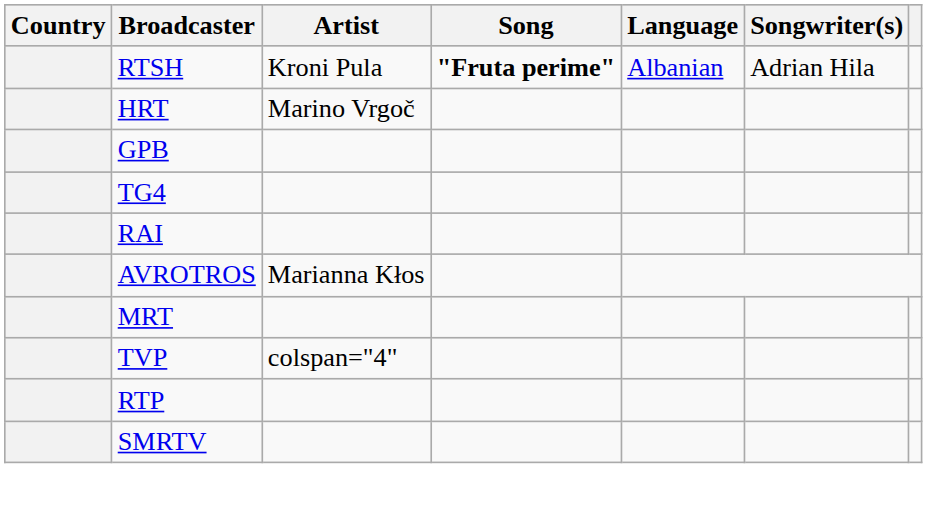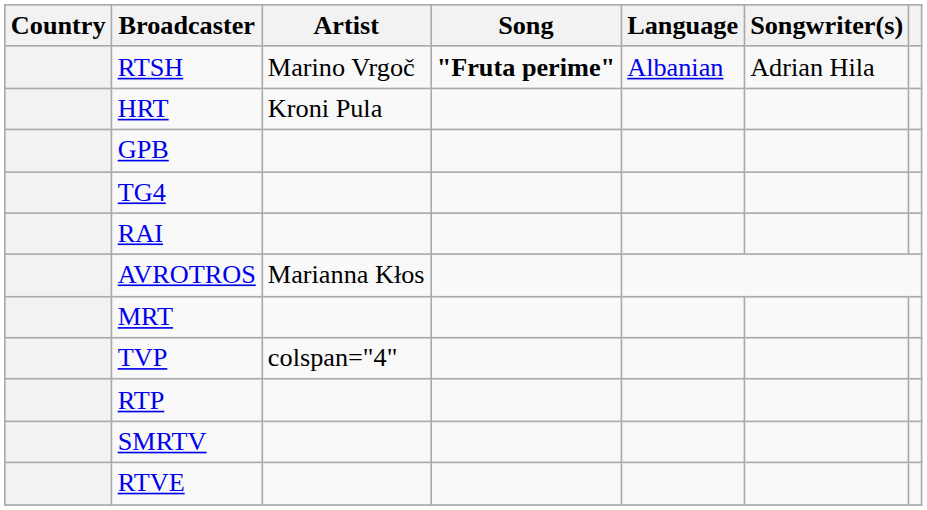 <table class="wikitable plainrowheaders">
 <tr>
 <th scope="col">Country</th>
 <th scope="col">Broadcaster</th>
 <th scope="col">Artist</th>
 <th scope="col">Song</th>
 <th scope="col">Language</th>
 <th scope="col">Songwriter(s)</th>
 <th></th>
 </tr>
 <tr>
 <th scope="row"></th>
 <td><a href='#'>RTSH</a></td>
-<td>Kroni Pula</td>
+<td>Marino Vrgoč</td>
 <td><strong>"Fruta perime"</strong></td>
 <td><a href='#'>Albanian</a></td>
 <td>Adrian Hila</td>
 <td align="center"></td>
 </tr>
 <tr>
 <th scope="row"></th>
 <td><a href='#'>HRT</a></td>
-<td>Marino Vrgoč</td>
+<td>Kroni Pula</td>
 <td></td>
 <td></td>
 <td></td>
 <td align="center"></td>
 </tr>
 <tr>
 <th scope="row"></th>
 <td><a href='#'>GPB</a></td>
 <td></td>
 <td></td>
 <td></td>
 <td></td>
 <td align="center"></td>
 </tr>
 <tr>
 <th scope="row"></th>
 <td><a href='#'>TG4</a></td>
 <td></td>
 <td></td>
 <td></td>
 <td></td>
 <td align="center"></td>
 </tr>
 <tr>
 <th scope="row"></th>
 <td><a href='#'>RAI</a></td>
 <td></td>
 <td></td>
 <td></td>
 <td></td>
 <td align="center"></td>
 </tr>
 <tr>
 <th scope="row"></th>
 <td><a href='#'>AVROTROS</a></td>
 <td>Marianna Kłos</td>
 <td style="text-align:center"></td>
 </tr>
 <tr>
 <th scope="row"></th>
 <td><a href='#'>MRT</a></td>
 <td></td>
 <td></td>
 <td></td>
 <td></td>
 <td align="center"></td>
 </tr>
 <tr>
 <th scope="row"></th>
 <td><a href='#'>TVP</a></td>
 <td>colspan="4" </td>
 <td></td>
 <td></td>
 <td></td>
 <td align="center"></td>
 </tr>
 <tr>
 <th scope="row"></th>
 <td><a href='#'>RTP</a></td>
 <td></td>
 <td></td>
 <td></td>
 <td></td>
 <td align="center"></td>
 </tr>
 <tr>
 <th scope="row"></th>
 <td><a href='#'>SMRTV</a></td>
 <td></td>
 <td></td>
 <td></td>
 <td></td>
 <td align="center"></td>
 </tr>
+<tr>
+<th scope="row"></th>
+<td><a href='#'>RTVE</a></td>
+<td></td>
+<td></td>
+<td></td>
+<td></td>
+<td align="center"></td>
+</tr>
 </table>
